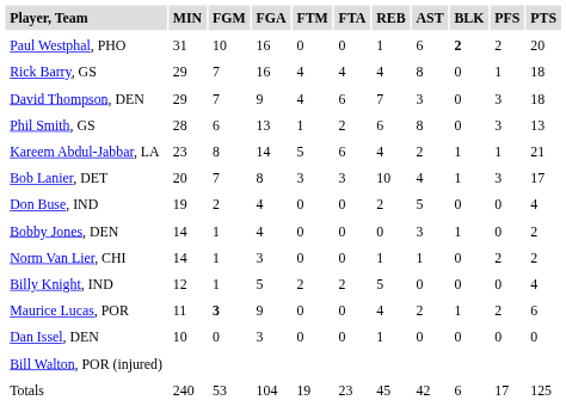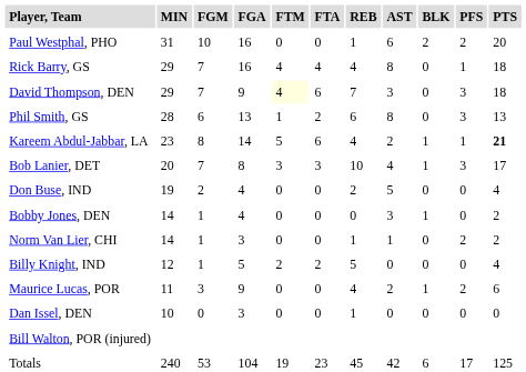 <table cellpadding=5>
 <tr bgcolor="#dddddd">
 <td><strong>Player, Team</strong></td>
 <td><strong>MIN</strong></td>
 <td><strong>FGM</strong></td>
 <td><strong>FGA</strong></td>
 <td><strong>FTM</strong></td>
 <td><strong>FTA</strong></td>
 <td><strong>REB</strong></td>
 <td><strong>AST</strong></td>
 <td><strong>BLK</strong></td>
 <td><strong>PFS</strong></td>
 <td><strong>PTS</strong></td>
 </tr>
 <tr bgcolor="#eeeeee">
 </tr>
 <tr>
 <td><a href='#'>Paul Westphal</a>, PHO</td>
 <td>31</td>
 <td>10</td>
 <td>16</td>
 <td>0</td>
 <td>0</td>
 <td>1</td>
 <td>6</td>
-<td><strong>2</strong></td>
+<td>2</td>
 <td>2</td>
 <td>20</td>
 </tr>
 <tr>
 <td><a href='#'>Rick Barry</a>, GS</td>
 <td>29</td>
 <td>7</td>
 <td>16</td>
 <td>4</td>
 <td>4</td>
 <td>4</td>
 <td>8</td>
 <td>0</td>
 <td>1</td>
 <td>18</td>
 </tr>
 <tr>
 <td><a href='#'>David Thompson</a>, DEN</td>
 <td>29</td>
 <td>7</td>
 <td>9</td>
-<td>4</td>
+<td style="background: lightyellow;">4</td>
 <td>6</td>
 <td>7</td>
 <td>3</td>
 <td>0</td>
 <td>3</td>
 <td>18</td>
 </tr>
 <tr>
 <td><a href='#'>Phil Smith</a>, GS</td>
 <td>28</td>
 <td>6</td>
 <td>13</td>
 <td>1</td>
 <td>2</td>
 <td>6</td>
 <td>8</td>
 <td>0</td>
 <td>3</td>
 <td>13</td>
 </tr>
 <tr>
 <td><a href='#'>Kareem Abdul-Jabbar</a>, LA</td>
 <td>23</td>
 <td>8</td>
 <td>14</td>
 <td>5</td>
 <td>6</td>
 <td>4</td>
 <td>2</td>
 <td>1</td>
 <td>1</td>
-<td>21</td>
+<td><strong>21</strong></td>
 </tr>
 <tr>
 <td><a href='#'>Bob Lanier</a>, DET</td>
 <td>20</td>
 <td>7</td>
 <td>8</td>
 <td>3</td>
 <td>3</td>
 <td>10</td>
 <td>4</td>
 <td>1</td>
 <td>3</td>
 <td>17</td>
 </tr>
 <tr>
 <td><a href='#'>Don Buse</a>, IND</td>
 <td>19</td>
 <td>2</td>
 <td>4</td>
 <td>0</td>
 <td>0</td>
 <td>2</td>
 <td>5</td>
 <td>0</td>
 <td>0</td>
 <td>4</td>
 </tr>
 <tr>
 <td><a href='#'>Bobby Jones</a>, DEN</td>
 <td>14</td>
 <td>1</td>
 <td>4</td>
 <td>0</td>
 <td>0</td>
 <td>0</td>
 <td>3</td>
 <td>1</td>
 <td>0</td>
 <td>2</td>
 </tr>
 <tr>
 <td><a href='#'>Norm Van Lier</a>, CHI</td>
 <td>14</td>
 <td>1</td>
 <td>3</td>
 <td>0</td>
 <td>0</td>
 <td>1</td>
 <td>1</td>
 <td>0</td>
 <td>2</td>
 <td>2</td>
 </tr>
 <tr>
 <td><a href='#'>Billy Knight</a>, IND</td>
 <td>12</td>
 <td>1</td>
 <td>5</td>
 <td>2</td>
 <td>2</td>
 <td>5</td>
 <td>0</td>
 <td>0</td>
 <td>0</td>
 <td>4</td>
 </tr>
 <tr>
 <td><a href='#'>Maurice Lucas</a>, POR</td>
 <td>11</td>
-<td><strong>3</strong></td>
+<td>3</td>
 <td>9</td>
 <td>0</td>
 <td>0</td>
 <td>4</td>
 <td>2</td>
 <td>1</td>
 <td>2</td>
 <td>6</td>
 </tr>
 <tr>
 <td><a href='#'>Dan Issel</a>, DEN</td>
 <td>10</td>
 <td>0</td>
 <td>3</td>
 <td>0</td>
 <td>0</td>
 <td>1</td>
 <td>0</td>
 <td>0</td>
 <td>0</td>
 <td>0</td>
 </tr>
 <tr>
 <td><a href='#'>Bill Walton</a>, POR (injured)</td>
 </tr>
 <tr>
 <td>Totals</td>
 <td>240</td>
 <td>53</td>
 <td>104</td>
 <td>19</td>
 <td>23</td>
 <td>45</td>
 <td>42</td>
 <td>6</td>
 <td>17</td>
 <td>125</td>
 </tr>
 <tr>
 </tr>
 </table>
